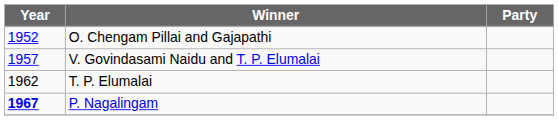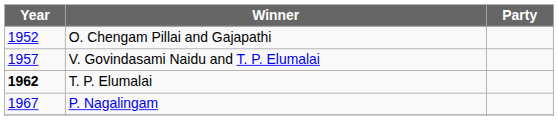 <table class="wikitable" width="50%">
 <tr>
 <th style="background-color:#666666; color:white">Year</th>
 <th style="background-color:#666666; color:white">Winner</th>
 <th style="background-color:#666666; color:white" colspan="2">Party</th>
 </tr>
 <tr>
 <td><a href='#'>1952</a></td>
 <td>O. Chengam Pillai and Gajapathi</td>
 <td></td>
 </tr>
 <tr>
 <td><a href='#'>1957</a></td>
 <td>V. Govindasami Naidu and <a href='#'>T. P. Elumalai</a></td>
 <td></td>
 </tr>
 <tr>
-<td>1962</td>
+<td><strong>1962</strong></td>
 <td>T. P. Elumalai</td>
 <td></td>
 </tr>
 <tr>
-<td><strong><a href='#'>1967</a></strong></td>
+<td><a href='#'>1967</a></td>
 <td><a href='#'>P. Nagalingam</a></td>
 <td></td>
 </tr>
 <tr>
 </tr>
 </table>
